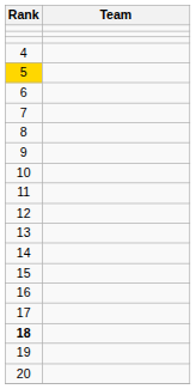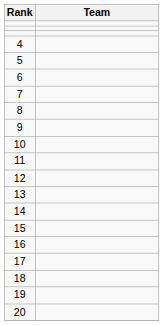 <table class=wikitable style="text-align:center;">
 <tr>
 <th>Rank</th>
 <th width=180>Team</th>
 </tr>
 <tr>
 <td></td>
 <td align=left></td>
 </tr>
 <tr>
 <td></td>
 <td align=left></td>
 </tr>
 <tr>
 <td></td>
 <td align=left></td>
 </tr>
 <tr>
 <td>4</td>
 <td align=left></td>
 </tr>
 <tr>
-<td style="background: gold;">5</td>
+<td>5</td>
 <td align=left></td>
 </tr>
 <tr>
 <td>6</td>
 <td align=left></td>
 </tr>
 <tr>
 <td>7</td>
 <td align=left></td>
 </tr>
 <tr>
 <td>8</td>
 <td align=left></td>
 </tr>
 <tr>
 <td>9</td>
 <td align=left></td>
 </tr>
 <tr>
 <td>10</td>
 <td align=left></td>
 </tr>
 <tr>
 <td>11</td>
 <td align=left></td>
 </tr>
 <tr>
 <td>12</td>
 <td align=left></td>
 </tr>
 <tr>
 <td>13</td>
 <td align=left></td>
 </tr>
 <tr>
 <td>14</td>
 <td align=left></td>
 </tr>
 <tr>
 <td>15</td>
 <td align=left></td>
 </tr>
 <tr>
 <td>16</td>
 <td align=left></td>
 </tr>
 <tr>
 <td>17</td>
 <td align=left></td>
 </tr>
 <tr>
-<td><strong>18</strong></td>
+<td>18</td>
 <td align=left></td>
 </tr>
 <tr>
 <td>19</td>
 <td align=left></td>
 </tr>
 <tr>
 <td>20</td>
 <td align=left></td>
 </tr>
 <tr>
 </tr>
 </table>
